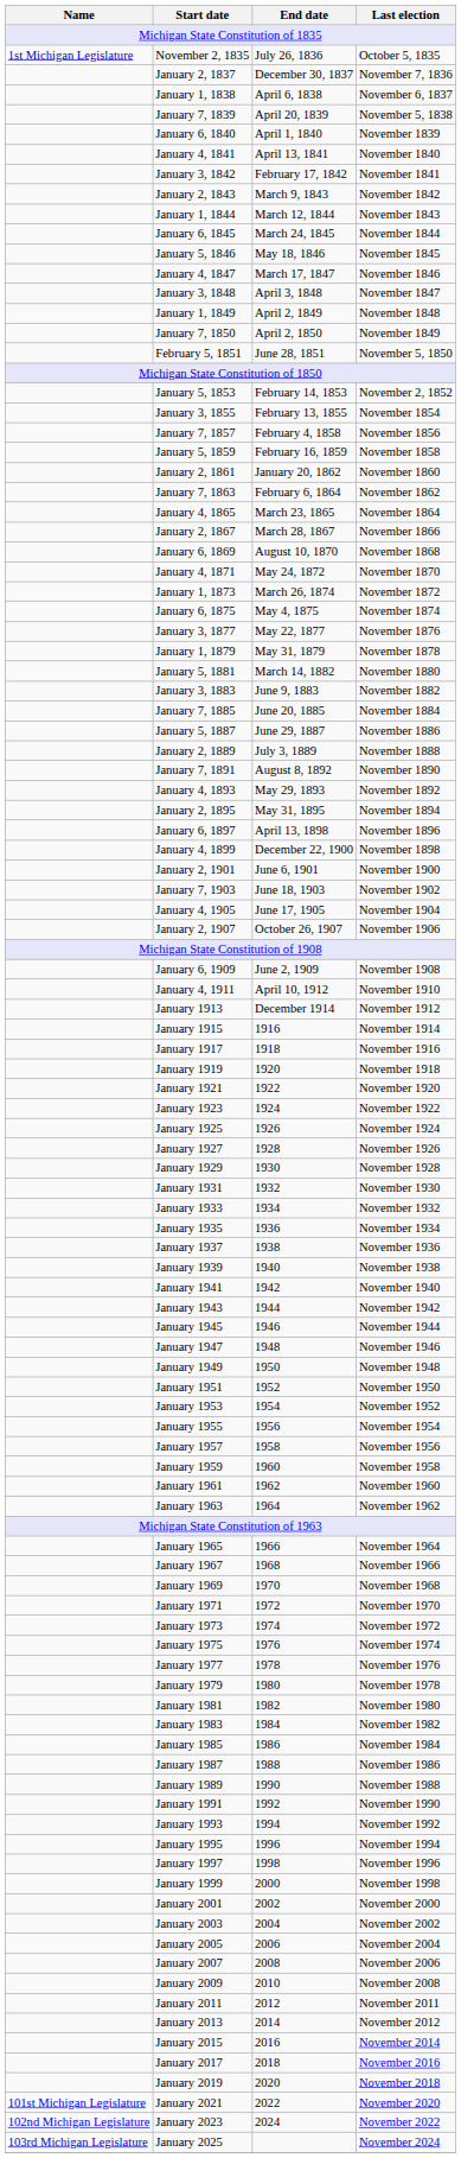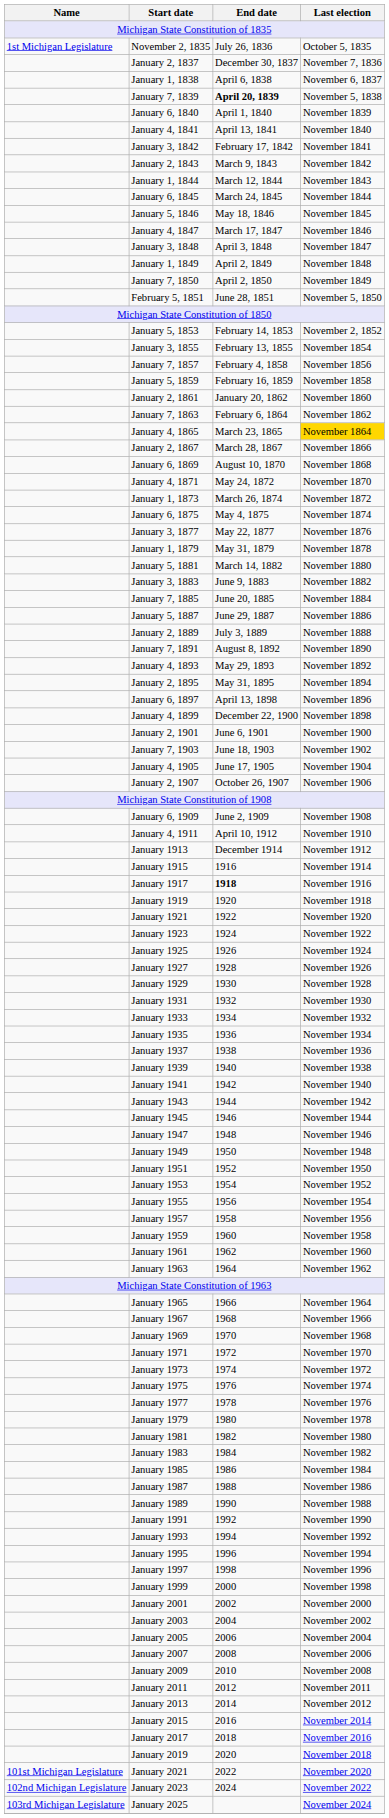 <table class="wikitable mw-datatable sticky-header">
 <tr>
 <th>Name</th>
 <th>Start date</th>
 <th>End date</th>
 <th>Last election</th>
 </tr>
 <tr>
 <td colspan=4 style="text-align: center; background-color:#E6E6FA;"><a href='#'>Michigan State Constitution of 1835</a></td>
 </tr>
 <tr>
 <td><a href='#'>1st Michigan Legislature</a></td>
 <td>November 2, 1835</td>
 <td>July 26, 1836</td>
 <td>October 5, 1835</td>
 </tr>
 <tr>
 <td></td>
 <td>January 2, 1837</td>
 <td>December 30, 1837</td>
 <td>November 7, 1836</td>
 </tr>
 <tr>
 <td></td>
 <td>January 1, 1838</td>
 <td>April 6, 1838</td>
 <td>November 6, 1837</td>
 </tr>
 <tr>
 <td></td>
 <td>January 7, 1839</td>
-<td>April 20, 1839</td>
+<td><strong>April 20, 1839</strong></td>
 <td>November 5, 1838</td>
 </tr>
 <tr>
 <td></td>
 <td>January 6, 1840</td>
 <td>April 1, 1840</td>
 <td>November 1839</td>
 </tr>
 <tr>
 <td></td>
 <td>January 4, 1841</td>
 <td>April 13, 1841</td>
 <td>November 1840</td>
 </tr>
 <tr>
 <td></td>
 <td>January 3, 1842</td>
 <td>February 17, 1842</td>
 <td>November 1841</td>
 </tr>
 <tr>
 <td></td>
 <td>January 2, 1843</td>
 <td>March 9, 1843</td>
 <td>November 1842</td>
 </tr>
 <tr>
 <td></td>
 <td>January 1, 1844</td>
 <td>March 12, 1844</td>
 <td>November 1843</td>
 </tr>
 <tr>
 <td></td>
 <td>January 6, 1845</td>
 <td>March 24, 1845</td>
 <td>November 1844</td>
 </tr>
 <tr>
 <td></td>
 <td>January 5, 1846</td>
 <td>May 18, 1846</td>
 <td>November 1845</td>
 </tr>
 <tr>
 <td></td>
 <td>January 4, 1847</td>
 <td>March 17, 1847</td>
 <td>November 1846</td>
 </tr>
 <tr>
 <td></td>
 <td>January 3, 1848</td>
 <td>April 3, 1848</td>
 <td>November 1847</td>
 </tr>
 <tr>
 <td></td>
 <td>January 1, 1849</td>
 <td>April 2, 1849</td>
 <td>November 1848</td>
 </tr>
 <tr>
 <td></td>
 <td>January 7, 1850</td>
 <td>April 2, 1850</td>
 <td>November 1849</td>
 </tr>
 <tr>
 <td></td>
 <td>February 5, 1851</td>
 <td>June 28, 1851</td>
 <td>November 5, 1850</td>
 </tr>
 <tr>
 <td colspan=4 style="text-align: center; background-color:#E6E6FA;"><a href='#'>Michigan State Constitution of 1850</a></td>
 </tr>
 <tr>
 <td></td>
 <td>January 5, 1853</td>
 <td>February 14, 1853</td>
 <td>November 2, 1852</td>
 </tr>
 <tr>
 <td></td>
 <td>January 3, 1855</td>
 <td>February 13, 1855</td>
 <td>November 1854</td>
 </tr>
 <tr>
 <td></td>
 <td>January 7, 1857</td>
 <td>February 4, 1858</td>
 <td>November 1856</td>
 </tr>
 <tr>
 <td></td>
 <td>January 5, 1859</td>
 <td>February 16, 1859</td>
 <td>November 1858</td>
 </tr>
 <tr>
 <td></td>
 <td>January 2, 1861</td>
 <td>January 20, 1862</td>
 <td>November 1860</td>
 </tr>
 <tr>
 <td></td>
 <td>January 7, 1863</td>
 <td>February 6, 1864</td>
 <td>November 1862</td>
 </tr>
 <tr>
 <td></td>
 <td>January 4, 1865</td>
 <td>March 23, 1865</td>
-<td>November 1864</td>
+<td style="background: gold;">November 1864</td>
 </tr>
 <tr>
 <td></td>
 <td>January 2, 1867</td>
 <td>March 28, 1867</td>
 <td>November 1866</td>
 </tr>
 <tr>
 <td></td>
 <td>January 6, 1869</td>
 <td>August 10, 1870</td>
 <td>November 1868</td>
 </tr>
 <tr>
 <td></td>
 <td>January 4, 1871</td>
 <td>May 24, 1872</td>
 <td>November 1870</td>
 </tr>
 <tr>
 <td></td>
 <td>January 1, 1873</td>
 <td>March 26, 1874</td>
 <td>November 1872</td>
 </tr>
 <tr>
 <td></td>
 <td>January 6, 1875</td>
 <td>May 4, 1875</td>
 <td>November 1874</td>
 </tr>
 <tr>
 <td></td>
 <td>January 3, 1877</td>
 <td>May 22, 1877</td>
 <td>November 1876</td>
 </tr>
 <tr>
 <td></td>
 <td>January 1, 1879</td>
 <td>May 31, 1879</td>
 <td>November 1878</td>
 </tr>
 <tr>
 <td></td>
 <td>January 5, 1881</td>
 <td>March 14, 1882</td>
 <td>November 1880</td>
 </tr>
 <tr>
 <td></td>
 <td>January 3, 1883</td>
 <td>June 9, 1883</td>
 <td>November 1882</td>
 </tr>
 <tr>
 <td></td>
 <td>January 7, 1885</td>
 <td>June 20, 1885</td>
 <td>November 1884</td>
 </tr>
 <tr>
 <td></td>
 <td>January 5, 1887</td>
 <td>June 29, 1887</td>
 <td>November 1886</td>
 </tr>
 <tr>
 <td></td>
 <td>January 2, 1889</td>
 <td>July 3, 1889</td>
 <td>November 1888</td>
 </tr>
 <tr>
 <td></td>
 <td>January 7, 1891</td>
 <td>August 8, 1892</td>
 <td>November 1890</td>
 </tr>
 <tr>
 <td></td>
 <td>January 4, 1893</td>
 <td>May 29, 1893</td>
 <td>November 1892</td>
 </tr>
 <tr>
 <td></td>
 <td>January 2, 1895</td>
 <td>May 31, 1895</td>
 <td>November 1894</td>
 </tr>
 <tr>
 <td></td>
 <td>January 6, 1897</td>
 <td>April 13, 1898</td>
 <td>November 1896</td>
 </tr>
 <tr>
 <td></td>
 <td>January 4, 1899</td>
 <td>December 22, 1900</td>
 <td>November 1898</td>
 </tr>
 <tr>
 <td></td>
 <td>January 2, 1901</td>
 <td>June 6, 1901</td>
 <td>November 1900</td>
 </tr>
 <tr>
 <td></td>
 <td>January 7, 1903</td>
 <td>June 18, 1903</td>
 <td>November 1902</td>
 </tr>
 <tr>
 <td></td>
 <td>January 4, 1905</td>
 <td>June 17, 1905</td>
 <td>November 1904</td>
 </tr>
 <tr>
 <td></td>
 <td>January 2, 1907</td>
 <td>October 26, 1907</td>
 <td>November 1906</td>
 </tr>
 <tr>
 <td colspan=4 style="text-align: center; background-color:#E6E6FA;"><a href='#'>Michigan State Constitution of 1908</a></td>
 </tr>
 <tr>
 <td></td>
 <td>January 6, 1909</td>
 <td>June 2, 1909</td>
 <td>November 1908</td>
 </tr>
 <tr>
 <td></td>
 <td>January 4, 1911</td>
 <td>April 10, 1912</td>
 <td>November 1910</td>
 </tr>
 <tr>
 <td></td>
 <td>January 1913</td>
 <td>December 1914</td>
 <td>November 1912</td>
 </tr>
 <tr>
 <td></td>
 <td>January 1915</td>
 <td>1916</td>
 <td>November 1914</td>
 </tr>
 <tr>
 <td></td>
 <td>January 1917</td>
-<td>1918</td>
+<td><strong>1918</strong></td>
 <td>November 1916</td>
 </tr>
 <tr>
 <td></td>
 <td>January 1919</td>
 <td>1920</td>
 <td>November 1918</td>
 </tr>
 <tr>
 <td></td>
 <td>January 1921</td>
 <td>1922</td>
 <td>November 1920</td>
 </tr>
 <tr>
 <td></td>
 <td>January 1923</td>
 <td>1924</td>
 <td>November 1922</td>
 </tr>
 <tr>
 <td></td>
 <td>January 1925</td>
 <td>1926</td>
 <td>November 1924</td>
 </tr>
 <tr>
 <td></td>
 <td>January 1927</td>
 <td>1928</td>
 <td>November 1926</td>
 </tr>
 <tr>
 <td></td>
 <td>January 1929</td>
 <td>1930</td>
 <td>November 1928</td>
 </tr>
 <tr>
 <td></td>
 <td>January 1931</td>
 <td>1932</td>
 <td>November 1930</td>
 </tr>
 <tr>
 <td></td>
 <td>January 1933</td>
 <td>1934</td>
 <td>November 1932</td>
 </tr>
 <tr>
 <td></td>
 <td>January 1935</td>
 <td>1936</td>
 <td>November 1934</td>
 </tr>
 <tr>
 <td></td>
 <td>January 1937</td>
 <td>1938</td>
 <td>November 1936</td>
 </tr>
 <tr>
 <td></td>
 <td>January 1939</td>
 <td>1940</td>
 <td>November 1938</td>
 </tr>
 <tr>
 <td></td>
 <td>January 1941</td>
 <td>1942</td>
 <td>November 1940</td>
 </tr>
 <tr>
 <td></td>
 <td>January 1943</td>
 <td>1944</td>
 <td>November 1942</td>
 </tr>
 <tr>
 <td></td>
 <td>January 1945</td>
 <td>1946</td>
 <td>November 1944</td>
 </tr>
 <tr>
 <td></td>
 <td>January 1947</td>
 <td>1948</td>
 <td>November 1946</td>
 </tr>
 <tr>
 <td></td>
 <td>January 1949</td>
 <td>1950</td>
 <td>November 1948</td>
 </tr>
 <tr>
 <td></td>
 <td>January 1951</td>
 <td>1952</td>
 <td>November 1950</td>
 </tr>
 <tr>
 <td></td>
 <td>January 1953</td>
 <td>1954</td>
 <td>November 1952</td>
 </tr>
 <tr>
 <td></td>
 <td>January 1955</td>
 <td>1956</td>
 <td>November 1954</td>
 </tr>
 <tr>
 <td></td>
 <td>January 1957</td>
 <td>1958</td>
 <td>November 1956</td>
 </tr>
 <tr>
 <td></td>
 <td>January 1959</td>
 <td>1960</td>
 <td>November 1958</td>
 </tr>
 <tr>
 <td></td>
 <td>January 1961</td>
 <td>1962</td>
 <td>November 1960</td>
 </tr>
 <tr>
 <td></td>
 <td>January 1963</td>
 <td>1964</td>
 <td>November 1962</td>
 </tr>
 <tr>
 <td colspan=4 style="text-align: center; background-color:#E6E6FA;"><a href='#'>Michigan State Constitution of 1963</a> </td>
 </tr>
 <tr>
 <td></td>
 <td>January 1965</td>
 <td>1966</td>
 <td>November 1964</td>
 </tr>
 <tr>
 <td></td>
 <td>January 1967</td>
 <td>1968</td>
 <td>November 1966</td>
 </tr>
 <tr>
 <td></td>
 <td>January 1969</td>
 <td>1970</td>
 <td>November 1968</td>
 </tr>
 <tr>
 <td></td>
 <td>January 1971</td>
 <td>1972</td>
 <td>November 1970</td>
 </tr>
 <tr>
 <td></td>
 <td>January 1973</td>
 <td>1974</td>
 <td>November 1972</td>
 </tr>
 <tr>
 <td></td>
 <td>January 1975</td>
 <td>1976</td>
 <td>November 1974</td>
 </tr>
 <tr>
 <td></td>
 <td>January 1977</td>
 <td>1978</td>
 <td>November 1976</td>
 </tr>
 <tr>
 <td></td>
 <td>January 1979</td>
 <td>1980</td>
 <td>November 1978</td>
 </tr>
 <tr>
 <td></td>
 <td>January 1981</td>
 <td>1982</td>
 <td>November 1980</td>
 </tr>
 <tr>
 <td></td>
 <td>January 1983</td>
 <td>1984</td>
 <td>November 1982</td>
 </tr>
 <tr>
 <td></td>
 <td>January 1985</td>
 <td>1986</td>
 <td>November 1984</td>
 </tr>
 <tr>
 <td></td>
 <td>January 1987</td>
 <td>1988</td>
 <td>November 1986</td>
 </tr>
 <tr>
 <td></td>
 <td>January 1989</td>
 <td>1990</td>
 <td>November 1988</td>
 </tr>
 <tr>
 <td></td>
 <td>January 1991</td>
 <td>1992</td>
 <td>November 1990</td>
 </tr>
 <tr>
 <td></td>
 <td>January 1993</td>
 <td>1994</td>
 <td>November 1992</td>
 </tr>
 <tr>
 <td></td>
 <td>January 1995</td>
 <td>1996</td>
 <td>November 1994</td>
 </tr>
 <tr>
 <td></td>
 <td>January 1997</td>
 <td>1998</td>
 <td>November 1996</td>
 </tr>
 <tr>
 <td></td>
 <td>January 1999</td>
 <td>2000</td>
 <td>November 1998</td>
 </tr>
 <tr>
 <td></td>
 <td>January 2001</td>
 <td>2002</td>
 <td>November 2000</td>
 </tr>
 <tr>
 <td></td>
 <td>January 2003</td>
 <td>2004</td>
 <td>November 2002</td>
 </tr>
 <tr>
 <td></td>
 <td>January 2005</td>
 <td>2006</td>
 <td>November 2004</td>
 </tr>
 <tr>
 <td></td>
 <td>January 2007</td>
 <td>2008</td>
 <td>November 2006</td>
 </tr>
 <tr>
 <td></td>
 <td>January 2009</td>
 <td>2010</td>
 <td>November 2008</td>
 </tr>
 <tr>
 <td></td>
 <td>January 2011</td>
 <td>2012</td>
 <td>November 2011</td>
 </tr>
 <tr>
 <td></td>
 <td>January 2013</td>
 <td>2014</td>
 <td>November 2012</td>
 </tr>
 <tr>
 <td></td>
 <td>January 2015</td>
 <td>2016</td>
 <td><a href='#'>November 2014</a></td>
 </tr>
 <tr>
 <td></td>
 <td>January 2017</td>
 <td>2018</td>
 <td><a href='#'>November 2016</a></td>
 </tr>
 <tr>
 <td></td>
 <td>January 2019</td>
 <td>2020</td>
 <td><a href='#'>November 2018</a></td>
 </tr>
 <tr>
 <td><a href='#'>101st Michigan Legislature</a></td>
 <td>January 2021</td>
 <td>2022</td>
 <td><a href='#'>November 2020</a></td>
 </tr>
 <tr>
 <td><a href='#'>102nd Michigan Legislature</a></td>
 <td>January 2023</td>
 <td>2024</td>
 <td><a href='#'>November 2022</a></td>
 </tr>
 <tr>
 <td><a href='#'>103rd Michigan Legislature</a></td>
 <td>January 2025</td>
 <td></td>
 <td><a href='#'>November 2024</a></td>
 </tr>
 <tr>
 </tr>
 </table>
